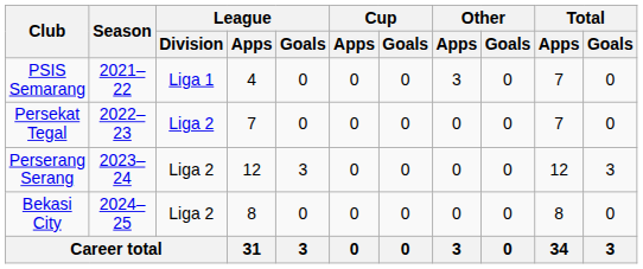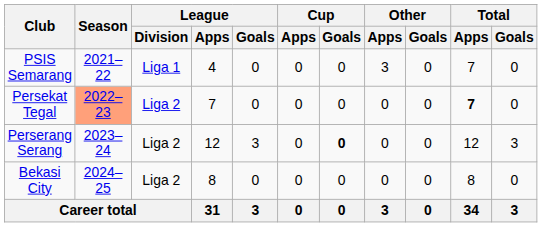 <table class="wikitable" style="text-align: center">
 <tr>
 <th rowspan="2">Club</th>
 <th rowspan="2">Season</th>
 <th colspan="3">League</th>
 <th colspan="2">Cup</th>
 <th colspan="2">Other</th>
 <th colspan="2">Total</th>
 </tr>
 <tr>
 <th>Division</th>
 <th>Apps</th>
 <th>Goals</th>
 <th>Apps</th>
 <th>Goals</th>
 <th>Apps</th>
 <th>Goals</th>
 <th>Apps</th>
 <th>Goals</th>
 </tr>
 <tr>
 <td><a href='#'>PSIS Semarang</a></td>
 <td><a href='#'>2021–22</a></td>
 <td rowspan="1" valign="center"><a href='#'>Liga 1</a></td>
 <td>4</td>
 <td>0</td>
 <td>0</td>
 <td>0</td>
 <td>3</td>
 <td>0</td>
 <td>7</td>
 <td>0</td>
 </tr>
 <tr>
 <td><a href='#'>Persekat Tegal</a></td>
-<td><a href='#'>2022–23</a></td>
+<td style="background: lightsalmon;"><a href='#'>2022–23</a></td>
 <td rowspan="1" valign="center"><a href='#'>Liga 2</a></td>
 <td>7</td>
 <td>0</td>
 <td>0</td>
 <td>0</td>
 <td>0</td>
 <td>0</td>
-<td>7</td>
+<td><strong>7</strong></td>
 <td>0</td>
 </tr>
 <tr>
 <td><a href='#'>Perserang Serang</a></td>
 <td><a href='#'>2023–24</a></td>
 <td rowspan="1" valign="center">Liga 2</td>
 <td>12</td>
 <td>3</td>
 <td>0</td>
-<td>0</td>
+<td><strong>0</strong></td>
 <td>0</td>
 <td>0</td>
 <td>12</td>
 <td>3</td>
 </tr>
 <tr>
 <td><a href='#'>Bekasi City</a></td>
 <td><a href='#'>2024–25</a></td>
 <td rowspan="1" valign="center">Liga 2</td>
 <td>8</td>
 <td>0</td>
 <td>0</td>
 <td>0</td>
 <td>0</td>
 <td>0</td>
 <td>8</td>
 <td>0</td>
 </tr>
 <tr>
 <th colspan=3>Career total</th>
 <th>31</th>
 <th>3</th>
 <th>0</th>
 <th>0</th>
 <th>3</th>
 <th>0</th>
 <th>34</th>
 <th>3</th>
 </tr>
 </table>
